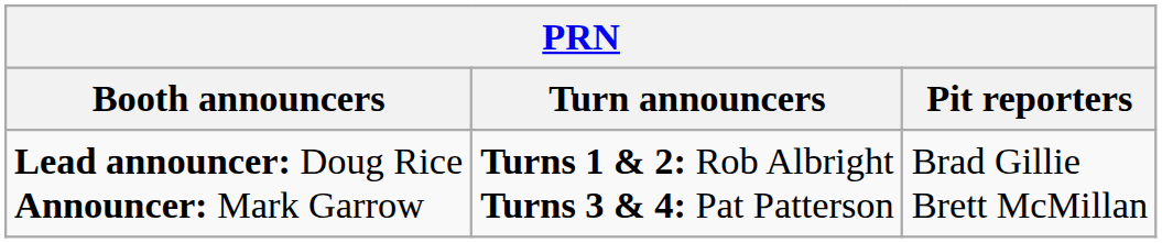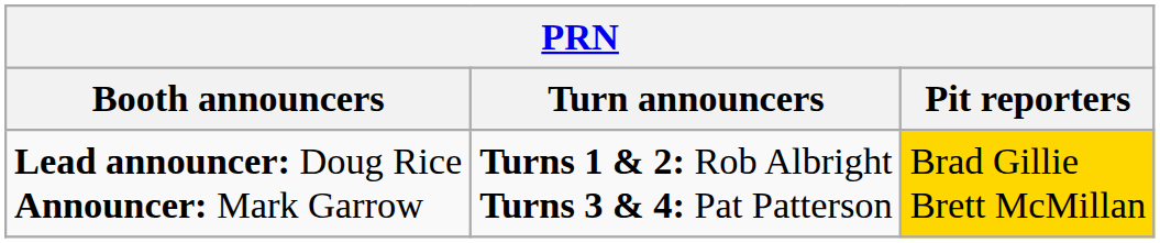 <table class="wikitable" style="font-size: 95%">
 <tr>
 <th colspan="3"><a href='#'>PRN</a></th>
 </tr>
 <tr>
 <th>Booth announcers</th>
 <th>Turn announcers</th>
 <th>Pit reporters</th>
 </tr>
 <tr>
 <td><strong>Lead announcer:</strong> Doug Rice<br><strong>Announcer:</strong> Mark Garrow</td>
 <td><strong>Turns 1 & 2:</strong> Rob Albright<br><strong>Turns 3 & 4:</strong> Pat Patterson</td>
-<td>Brad Gillie<br>Brett McMillan</td>
+<td style="background: gold;">Brad Gillie<br>Brett McMillan</td>
 </tr>
 </table>
